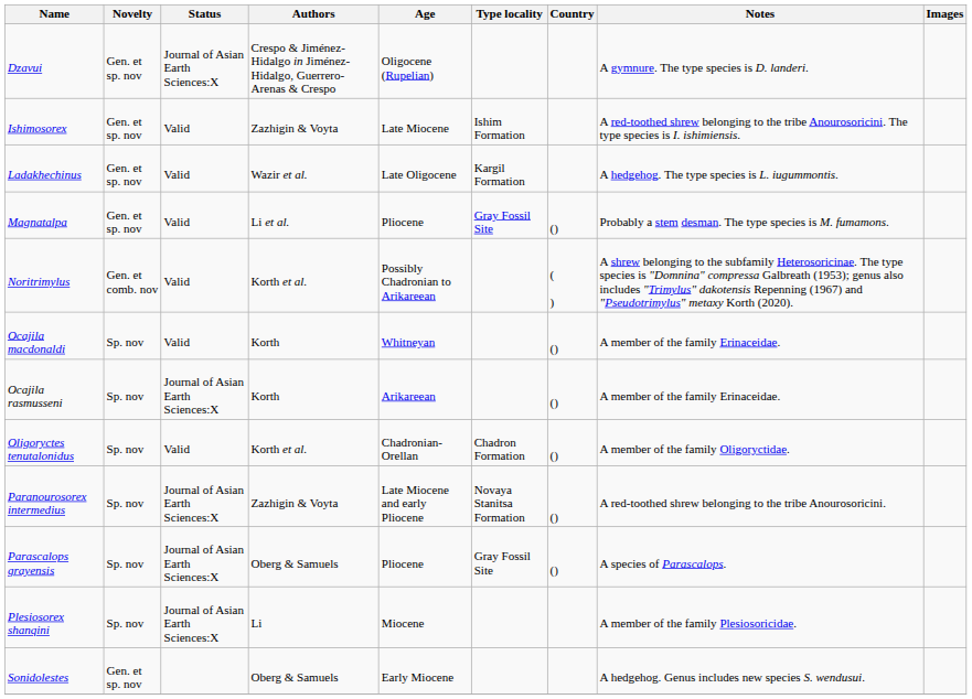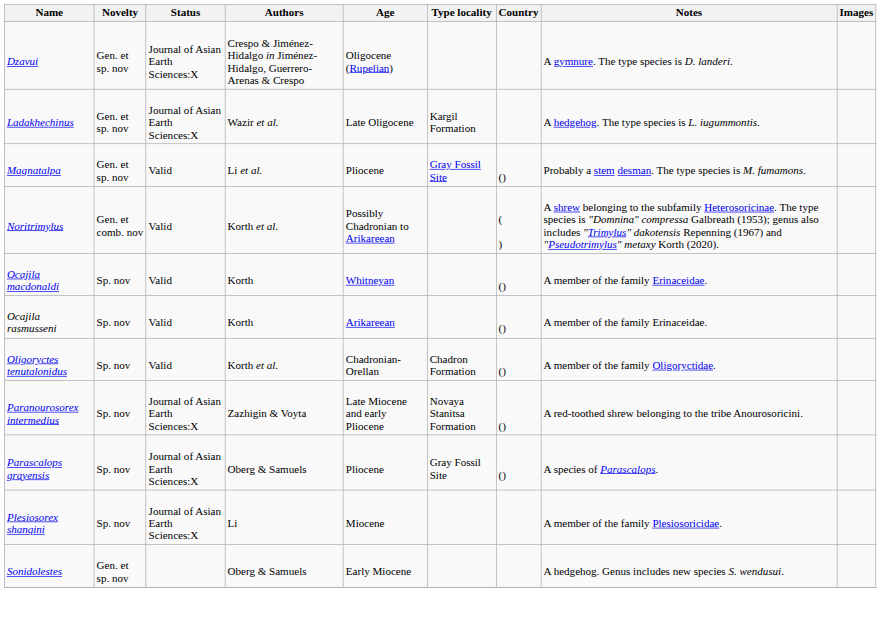 <table class="wikitable sortable" align="center" width="100%">
 <tr>
 <th>Name</th>
 <th>Novelty</th>
 <th>Status</th>
 <th>Authors</th>
 <th>Age</th>
 <th>Type locality</th>
 <th>Country</th>
 <th>Notes</th>
 <th>Images</th>
 </tr>
 <tr>
 <td><br><em><a href='#'>Dzavui</a></em></td>
 <td><br>Gen. et sp. nov</td>
 <td><br>Journal of Asian Earth Sciences:X</td>
 <td><br>Crespo & Jiménez-Hidalgo <em>in</em> Jiménez-Hidalgo, Guerrero-Arenas & Crespo</td>
 <td><br>Oligocene (<a href='#'>Rupelian</a>)</td>
 <td></td>
 <td><br></td>
 <td><br>A <a href='#'>gymnure</a>. The type species is <em>D. landeri</em>.</td>
 <td></td>
 </tr>
 <tr>
-<td><br><em><a href='#'>Ishimosorex</a></em></td>
-<td><br>Gen. et sp. nov</td>
-<td><br>Valid</td>
-<td><br>Zazhigin & Voyta</td>
-<td><br>Late Miocene</td>
-<td><br>Ishim Formation</td>
-<td><br></td>
-<td><br>A <a href='#'>red-toothed shrew</a> belonging to the tribe <a href='#'>Anourosoricini</a>. The type species is <em>I. ishimiensis</em>.</td>
-<td></td>
-</tr>
-<tr>
 <td><br><em><a href='#'>Ladakhechinus</a></em></td>
 <td><br>Gen. et sp. nov</td>
-<td><br>Valid</td>
+<td><br>Journal of Asian Earth Sciences:X</td>
 <td><br>Wazir <em>et al.</em></td>
 <td><br>Late Oligocene</td>
 <td><br>Kargil Formation</td>
 <td><br></td>
 <td><br>A <a href='#'>hedgehog</a>. The type species is <em>L. iugummontis</em>.</td>
 <td></td>
 </tr>
 <tr>
 <td><br><em><a href='#'>Magnatalpa</a></em></td>
 <td><br>Gen. et sp. nov</td>
 <td><br>Valid</td>
 <td><br>Li <em>et al.</em></td>
 <td><br>Pliocene</td>
 <td><br><a href='#'>Gray Fossil Site</a></td>
 <td><br><br>()</td>
 <td><br>Probably a <a href='#'>stem</a> <a href='#'>desman</a>. The type species is <em>M. fumamons</em>.</td>
 <td></td>
 </tr>
 <tr>
 <td><br><em><a href='#'>Noritrimylus</a></em></td>
 <td><br>Gen. et comb. nov</td>
 <td><br>Valid</td>
 <td><br>Korth <em>et al.</em></td>
 <td><br>Possibly Chadronian to <a href='#'>Arikareean</a></td>
 <td></td>
 <td><br><br>(<br><br>)</td>
 <td><br>A <a href='#'>shrew</a> belonging to the subfamily <a href='#'>Heterosoricinae</a>. The type species is <em>"Domnina" compressa</em> Galbreath (1953); genus also includes <em>"<a href='#'>Trimylus</a>" dakotensis</em> Repenning (1967) and <em>"<a href='#'>Pseudotrimylus</a>" metaxy</em> Korth (2020).</td>
 <td></td>
 </tr>
 <tr>
 <td><br><em><a href='#'>Ocajila macdonaldi</a></em></td>
 <td><br>Sp. nov</td>
 <td><br>Valid</td>
 <td><br>Korth</td>
 <td><br><a href='#'>Whitneyan</a></td>
 <td></td>
 <td><br><br>()</td>
 <td><br>A member of the family <a href='#'>Erinaceidae</a>.</td>
 <td></td>
 </tr>
 <tr>
 <td><br><em>Ocajila rasmusseni</em></td>
 <td><br>Sp. nov</td>
-<td><br>Journal of Asian Earth Sciences:X</td>
+<td><br>Valid</td>
 <td><br>Korth</td>
 <td><br><a href='#'>Arikareean</a></td>
 <td></td>
 <td><br><br>()</td>
 <td><br>A member of the family Erinaceidae.</td>
 <td></td>
 </tr>
 <tr>
 <td><br><em><a href='#'>Oligoryctes tenutalonidus</a></em></td>
 <td><br>Sp. nov</td>
 <td><br>Valid</td>
 <td><br>Korth <em>et al.</em></td>
 <td><br>Chadronian-Orellan</td>
 <td><br>Chadron Formation</td>
 <td><br><br>()</td>
 <td><br>A member of the family <a href='#'>Oligoryctidae</a>.</td>
 <td></td>
 </tr>
 <tr>
 <td><br><em><a href='#'>Paranourosorex intermedius</a></em></td>
 <td><br>Sp. nov</td>
 <td><br>Journal of Asian Earth Sciences:X</td>
 <td><br>Zazhigin & Voyta</td>
 <td><br>Late Miocene and early Pliocene</td>
 <td><br>Novaya Stanitsa Formation</td>
 <td><br><br> <br>()</td>
 <td><br>A red-toothed shrew belonging to the tribe Anourosoricini.</td>
 <td></td>
 </tr>
 <tr>
 <td><br><em><a href='#'>Parascalops grayensis</a></em></td>
 <td><br>Sp. nov</td>
 <td><br>Journal of Asian Earth Sciences:X</td>
 <td><br>Oberg & Samuels</td>
 <td><br>Pliocene</td>
 <td><br>Gray Fossil Site</td>
 <td><br><br>()</td>
 <td><br>A species of <em><a href='#'>Parascalops</a></em>.</td>
 <td></td>
 </tr>
 <tr>
 <td><br><em><a href='#'>Plesiosorex shanqini</a></em></td>
 <td><br>Sp. nov</td>
 <td><br>Journal of Asian Earth Sciences:X</td>
 <td><br>Li</td>
 <td><br>Miocene</td>
 <td></td>
 <td><br></td>
 <td><br>A member of the family <a href='#'>Plesiosoricidae</a>.</td>
 <td></td>
 </tr>
 <tr>
 <td><br><em><a href='#'>Sonidolestes</a></em></td>
 <td><br>Gen. et sp. nov</td>
 <td></td>
 <td><br>Oberg & Samuels</td>
 <td><br>Early Miocene</td>
 <td></td>
 <td><br></td>
 <td><br>A hedgehog. Genus includes new species <em>S. wendusui</em>.</td>
 <td></td>
 </tr>
 <tr>
 </tr>
 </table>
